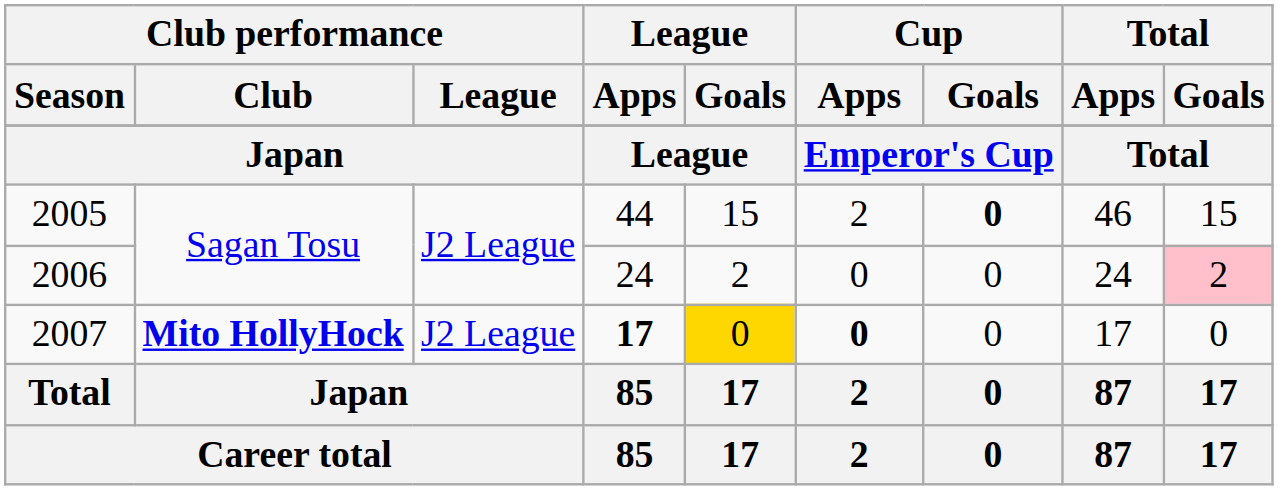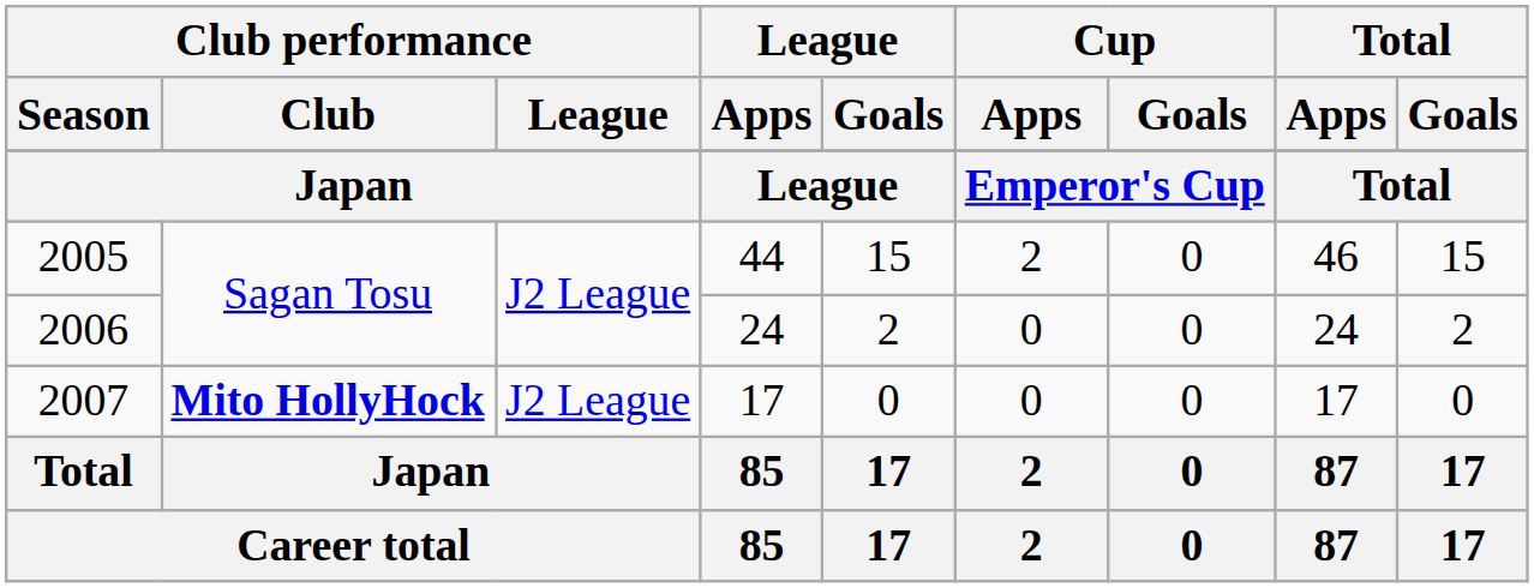 <table class="wikitable" style="text-align:center">
 <tr>
 <th colspan=3>Club performance</th>
 <th colspan=2>League</th>
 <th colspan=2>Cup</th>
 <th colspan=2>Total</th>
 </tr>
 <tr>
 <th>Season</th>
 <th>Club</th>
 <th>League</th>
 <th>Apps</th>
 <th>Goals</th>
 <th>Apps</th>
 <th>Goals</th>
 <th>Apps</th>
 <th>Goals</th>
 </tr>
 <tr>
 </tr>
 <tr>
 <th colspan=3>Japan</th>
 <th colspan=2>League</th>
 <th colspan=2><a href='#'>Emperor's Cup</a></th>
 <th colspan=2>Total</th>
 </tr>
 <tr>
 <td>2005</td>
 <td rowspan="2"><a href='#'>Sagan Tosu</a></td>
 <td rowspan="2"><a href='#'>J2 League</a></td>
 <td>44</td>
 <td>15</td>
 <td>2</td>
-<td><strong>0</strong></td>
+<td>0</td>
 <td>46</td>
 <td>15</td>
 </tr>
 <tr>
 <td>2006</td>
 <td>24</td>
 <td>2</td>
 <td>0</td>
 <td>0</td>
 <td>24</td>
-<td style="background: pink;">2</td>
+<td>2</td>
 </tr>
 <tr>
 <td>2007</td>
 <td><strong><a href='#'>Mito HollyHock</a></strong></td>
 <td><a href='#'>J2 League</a></td>
-<td><strong>17</strong></td>
-<td style="background: gold;">0</td>
-<td><strong>0</strong></td>
+<td>17</td>
+<td>0</td>
+<td>0</td>
 <td>0</td>
 <td>17</td>
 <td>0</td>
 </tr>
 <tr>
 <th rowspan=1>Total</th>
 <th colspan=2>Japan</th>
 <th>85</th>
 <th>17</th>
 <th>2</th>
 <th>0</th>
 <th>87</th>
 <th>17</th>
 </tr>
 <tr>
 <th colspan=3>Career total</th>
 <th>85</th>
 <th>17</th>
 <th>2</th>
 <th>0</th>
 <th>87</th>
 <th>17</th>
 </tr>
 </table>
